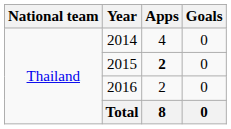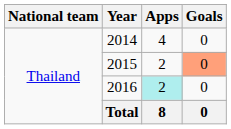 <table class="wikitable" style="text-align:center">
 <tr>
 <th>National team</th>
 <th>Year</th>
 <th>Apps</th>
 <th>Goals</th>
 </tr>
 <tr>
 <td rowspan="5" valign="center"><a href='#'>Thailand</a></td>
 <td>2014</td>
 <td>4</td>
 <td>0</td>
 </tr>
 <tr>
 <td>2015</td>
-<td><strong>2</strong></td>
-<td>0</td>
+<td>2</td>
+<td style="background: lightsalmon;">0</td>
 </tr>
 <tr>
 <td>2016</td>
-<td>2</td>
+<td style="background: paleturquoise;">2</td>
 <td>0</td>
 </tr>
 <tr>
 <th>Total</th>
 <th>8</th>
 <th>0</th>
 </tr>
 </table>
